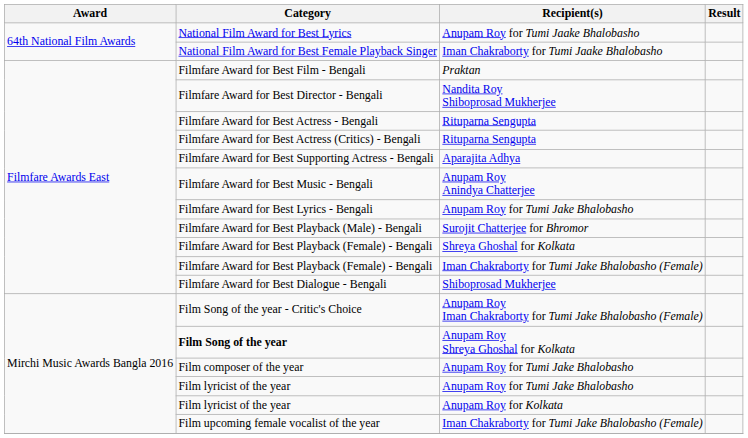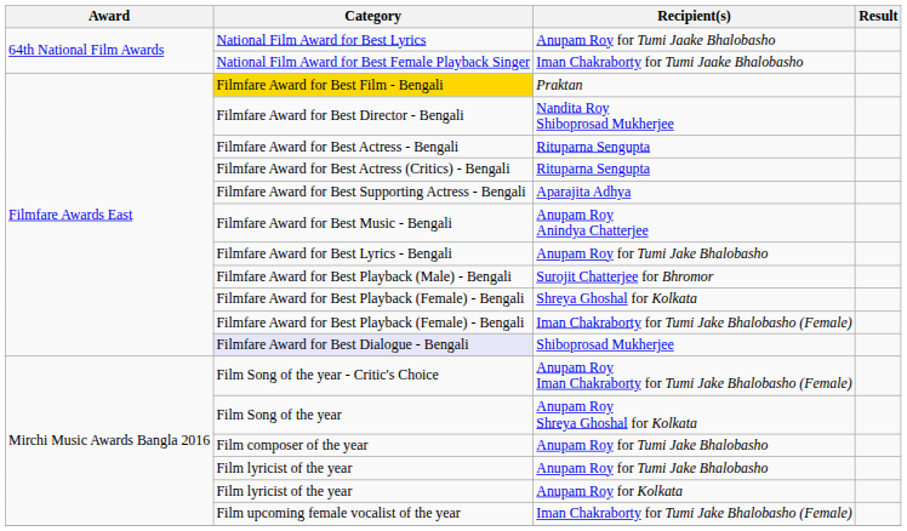 <table class="wikitable sortable">
 <tr>
 <th>Award</th>
 <th>Category</th>
 <th>Recipient(s)</th>
 <th>Result</th>
 </tr>
 <tr>
 <td rowspan="2"><a href='#'>64th National Film Awards</a></td>
 <td><a href='#'>National Film Award for Best Lyrics</a></td>
 <td><a href='#'>Anupam Roy</a> for <em>Tumi Jaake Bhalobasho</em></td>
 <td></td>
 </tr>
 <tr>
 <td><a href='#'>National Film Award for Best Female Playback Singer</a></td>
 <td><a href='#'>Iman Chakraborty</a> for <em>Tumi Jaake Bhalobasho</em></td>
 <td></td>
 </tr>
 <tr>
 <td rowspan="11"><a href='#'>Filmfare Awards East</a></td>
-<td>Filmfare Award for Best Film - Bengali</td>
+<td style="background: gold;">Filmfare Award for Best Film - Bengali</td>
 <td><em>Praktan</em></td>
 <td></td>
 </tr>
 <tr>
 <td>Filmfare Award for Best Director - Bengali</td>
 <td><a href='#'>Nandita Roy</a> <br> <a href='#'>Shiboprosad Mukherjee</a></td>
 <td></td>
 </tr>
 <tr>
 <td>Filmfare Award for Best Actress - Bengali</td>
 <td><a href='#'>Rituparna Sengupta</a></td>
 <td></td>
 </tr>
 <tr>
 <td>Filmfare Award for Best Actress (Critics) - Bengali</td>
 <td><a href='#'>Rituparna Sengupta</a></td>
 <td></td>
 </tr>
 <tr>
 <td>Filmfare Award for Best Supporting Actress - Bengali</td>
 <td><a href='#'>Aparajita Adhya</a></td>
 <td></td>
 </tr>
 <tr>
 <td>Filmfare Award for Best Music - Bengali</td>
 <td><a href='#'>Anupam Roy</a> <br> <a href='#'>Anindya Chatterjee</a></td>
 <td></td>
 </tr>
 <tr>
 <td>Filmfare Award for Best Lyrics - Bengali</td>
 <td><a href='#'>Anupam Roy</a> for <em>Tumi Jake Bhalobasho</em></td>
 <td></td>
 </tr>
 <tr>
 <td>Filmfare Award for Best Playback (Male) - Bengali</td>
 <td><a href='#'>Surojit Chatterjee</a> for <em>Bhromor</em></td>
 <td></td>
 </tr>
 <tr>
 <td>Filmfare Award for Best Playback (Female) - Bengali</td>
 <td><a href='#'>Shreya Ghoshal</a> for <em>Kolkata</em></td>
 <td></td>
 </tr>
 <tr>
 <td>Filmfare Award for Best Playback (Female) - Bengali</td>
 <td><a href='#'>Iman Chakraborty</a> for <em>Tumi Jake Bhalobasho (Female)</em></td>
 <td></td>
 </tr>
 <tr>
-<td>Filmfare Award for Best Dialogue - Bengali</td>
+<td style="background: lavender;">Filmfare Award for Best Dialogue - Bengali</td>
 <td><a href='#'>Shiboprosad Mukherjee</a></td>
 <td></td>
 </tr>
 <tr>
 <td rowspan="6">Mirchi Music Awards Bangla 2016</td>
 <td>Film Song of the year - Critic's Choice</td>
 <td><a href='#'>Anupam Roy</a> <br> <a href='#'>Iman Chakraborty</a> for <em>Tumi Jake Bhalobasho (Female)</em></td>
 <td></td>
 </tr>
 <tr>
-<td><strong>Film Song of the year</strong></td>
+<td>Film Song of the year</td>
 <td><a href='#'>Anupam Roy</a> <br> <a href='#'>Shreya Ghoshal</a> for <em>Kolkata</em></td>
 <td></td>
 </tr>
 <tr>
 <td>Film composer of the year</td>
 <td><a href='#'>Anupam Roy</a> for <em>Tumi Jake Bhalobasho</em></td>
 <td></td>
 </tr>
 <tr>
 <td>Film lyricist of the year</td>
 <td><a href='#'>Anupam Roy</a> for <em>Tumi Jake Bhalobasho</em></td>
 <td></td>
 </tr>
 <tr>
 <td>Film lyricist of the year</td>
 <td><a href='#'>Anupam Roy</a> for <em>Kolkata</em></td>
 <td></td>
 </tr>
 <tr>
 <td>Film upcoming female vocalist of the year</td>
 <td><a href='#'>Iman Chakraborty</a> for <em>Tumi Jake Bhalobasho (Female)</em></td>
 <td></td>
 </tr>
 <tr>
 </tr>
 </table>
